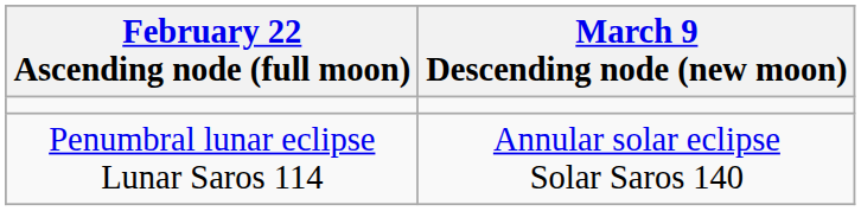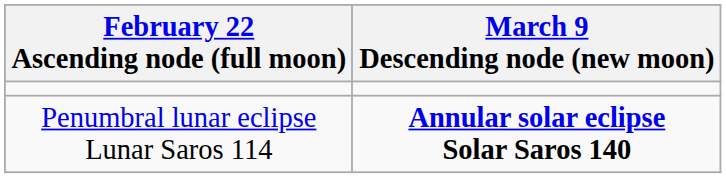 <table class="wikitable">
 <tr>
 <th><a href='#'>February 22</a><br>Ascending node (full moon)<br></th>
 <th><a href='#'>March 9</a><br>Descending node (new moon)<br></th>
 </tr>
 <tr>
 <td></td>
 <td></td>
 </tr>
 <tr align=center>
 <td><a href='#'>Penumbral lunar eclipse</a><br>Lunar Saros 114</td>
-<td><a href='#'>Annular solar eclipse</a><br>Solar Saros 140</td>
+<td><strong><a href='#'>Annular solar eclipse</a><br>Solar Saros 140</strong></td>
 </tr>
 </table>
